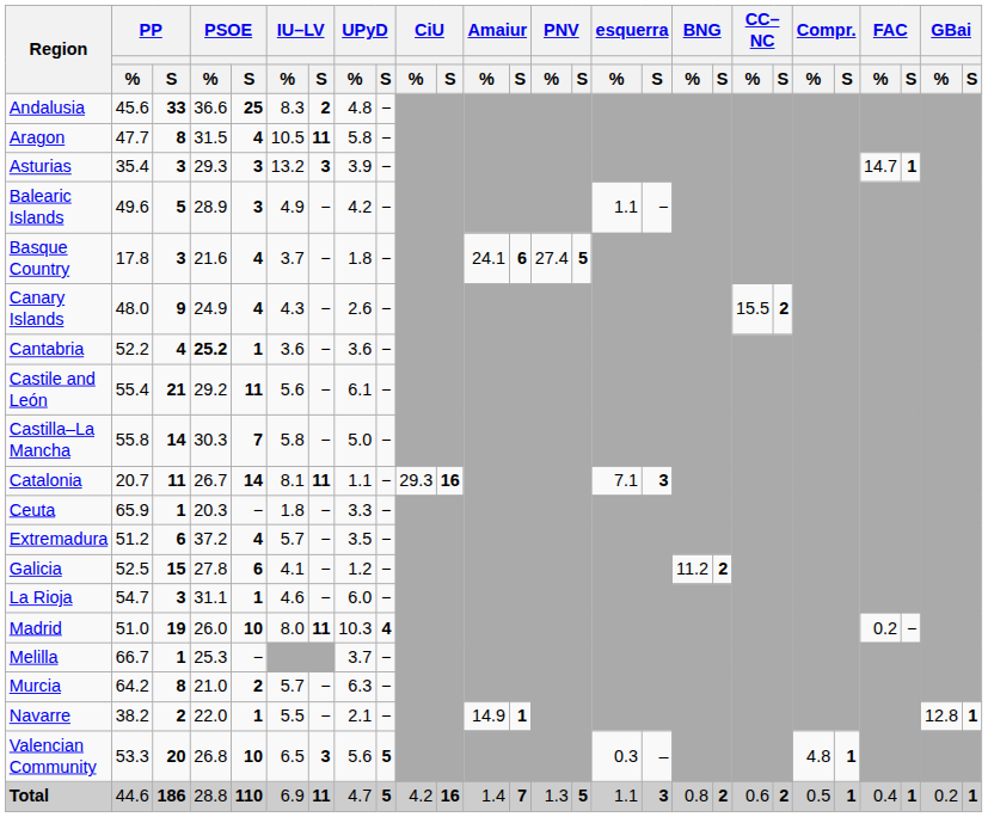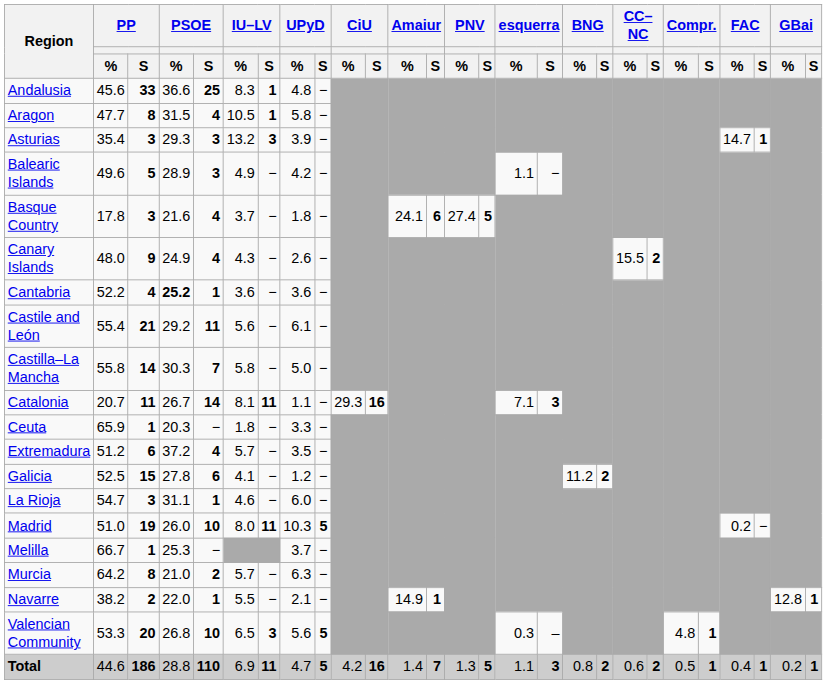 <table class="wikitable sortable" style="text-align:right; line-height:20px;">
 <tr>
 <th rowspan="3">Region</th>
 <th colspan="2" width="30px" class="unsortable"><a href='#'>PP</a></th>
 <th colspan="2" width="30px" class="unsortable"><a href='#'>PSOE</a></th>
 <th colspan="2" width="30px" class="unsortable"><a href='#'>IU–LV</a></th>
 <th colspan="2" width="30px" class="unsortable"><a href='#'>UPyD</a></th>
 <th colspan="2" width="30px" class="unsortable"><a href='#'>CiU</a></th>
 <th colspan="2" width="30px" class="unsortable"><a href='#'>Amaiur</a></th>
 <th colspan="2" width="30px" class="unsortable"><a href='#'>PNV</a></th>
 <th colspan="2" width="30px" class="unsortable"><a href='#'>esquerra</a></th>
 <th colspan="2" width="30px" class="unsortable"><a href='#'>BNG</a></th>
 <th colspan="2" width="30px" class="unsortable"><a href='#'>CC–NC</a></th>
 <th colspan="2" width="30px" class="unsortable"><a href='#'>Compr.</a></th>
 <th colspan="2" width="30px" class="unsortable"><a href='#'>FAC</a></th>
 <th colspan="2" width="30px" class="unsortable"><a href='#'>GBai</a></th>
 </tr>
 <tr>
 <th colspan="2" style="background:"></th>
 <th colspan="2" style="background:"></th>
 <th colspan="2" style="background:"></th>
 <th colspan="2" style="background:"></th>
 <th colspan="2" style="background:"></th>
 <th colspan="2" style="background:"></th>
 <th colspan="2" style="background:"></th>
 <th colspan="2" style="background:"></th>
 <th colspan="2" style="background:"></th>
 <th colspan="2" style="background:"></th>
 <th colspan="2" style="background:"></th>
 <th colspan="2" style="background:"></th>
 <th colspan="2" style="background:"></th>
 </tr>
 <tr>
 <th data-sort-type="number">%</th>
 <th data-sort-type="number">S</th>
 <th data-sort-type="number">%</th>
 <th data-sort-type="number">S</th>
 <th data-sort-type="number">%</th>
 <th data-sort-type="number">S</th>
 <th data-sort-type="number">%</th>
 <th data-sort-type="number">S</th>
 <th data-sort-type="number">%</th>
 <th data-sort-type="number">S</th>
 <th data-sort-type="number">%</th>
 <th data-sort-type="number">S</th>
 <th data-sort-type="number">%</th>
 <th data-sort-type="number">S</th>
 <th data-sort-type="number">%</th>
 <th data-sort-type="number">S</th>
 <th data-sort-type="number">%</th>
 <th data-sort-type="number">S</th>
 <th data-sort-type="number">%</th>
 <th data-sort-type="number">S</th>
 <th data-sort-type="number">%</th>
 <th data-sort-type="number">S</th>
 <th data-sort-type="number">%</th>
 <th data-sort-type="number">S</th>
 <th data-sort-type="number">%</th>
 <th data-sort-type="number">S</th>
 </tr>
 <tr>
 <td align="left"><a href='#'>Andalusia</a></td>
 <td style="background:">45.6</td>
 <td><strong>33</strong></td>
 <td>36.6</td>
 <td><strong>25</strong></td>
 <td>8.3</td>
-<td><strong>2</strong></td>
+<td><strong>1</strong></td>
 <td>4.8</td>
 <td>−</td>
 <td colspan="2" rowspan="9" bgcolor="#AAAAAA"></td>
 <td colspan="2" rowspan="4" bgcolor="#AAAAAA"></td>
 <td colspan="2" rowspan="4" bgcolor="#AAAAAA"></td>
 <td colspan="2" rowspan="3" bgcolor="#AAAAAA"></td>
 <td colspan="2" rowspan="12" bgcolor="#AAAAAA"></td>
 <td colspan="2" rowspan="5" bgcolor="#AAAAAA"></td>
 <td colspan="2" rowspan="18" bgcolor="#AAAAAA"></td>
 <td colspan="2" rowspan="2" bgcolor="#AAAAAA"></td>
 <td colspan="2" rowspan="17" bgcolor="#AAAAAA"></td>
 </tr>
 <tr>
 <td align="left"><a href='#'>Aragon</a></td>
 <td style="background:">47.7</td>
 <td><strong>8</strong></td>
 <td>31.5</td>
 <td><strong>4</strong></td>
 <td>10.5</td>
-<td><strong>11</strong></td>
+<td><strong>1</strong></td>
 <td>5.8</td>
 <td>−</td>
 </tr>
 <tr>
 <td align="left"><a href='#'>Asturias</a></td>
 <td style="background:">35.4</td>
 <td><strong>3</strong></td>
 <td>29.3</td>
 <td><strong>3</strong></td>
 <td>13.2</td>
 <td><strong>3</strong></td>
 <td>3.9</td>
 <td>−</td>
 <td>14.7</td>
 <td><strong>1</strong></td>
 </tr>
 <tr>
 <td align="left"><a href='#'>Balearic Islands</a></td>
 <td style="background:">49.6</td>
 <td><strong>5</strong></td>
 <td>28.9</td>
 <td><strong>3</strong></td>
 <td>4.9</td>
 <td>−</td>
 <td>4.2</td>
 <td>−</td>
 <td>1.1</td>
 <td>−</td>
 <td colspan="2" rowspan="11" bgcolor="#AAAAAA"></td>
 </tr>
 <tr>
 <td align="left"><a href='#'>Basque Country</a></td>
 <td>17.8</td>
 <td><strong>3</strong></td>
 <td>21.6</td>
 <td><strong>4</strong></td>
 <td>3.7</td>
 <td>−</td>
 <td>1.8</td>
 <td>−</td>
 <td>24.1</td>
 <td><strong>6</strong></td>
 <td style="background:">27.4</td>
 <td><strong>5</strong></td>
 <td colspan="2" rowspan="5" bgcolor="#AAAAAA"></td>
 </tr>
 <tr>
 <td align="left"><a href='#'>Canary Islands</a></td>
 <td style="background:">48.0</td>
 <td><strong>9</strong></td>
 <td>24.9</td>
 <td><strong>4</strong></td>
 <td>4.3</td>
 <td>−</td>
 <td>2.6</td>
 <td>−</td>
 <td colspan="2" rowspan="12" bgcolor="#AAAAAA"></td>
 <td colspan="2" rowspan="14" bgcolor="#AAAAAA"></td>
 <td>15.5</td>
 <td><strong>2</strong></td>
 </tr>
 <tr>
 <td align="left"><a href='#'>Cantabria</a></td>
 <td style="background:">52.2</td>
 <td><strong>4</strong></td>
 <td><strong>25.2</strong></td>
 <td><strong>1</strong></td>
 <td>3.6</td>
 <td>−</td>
 <td>3.6</td>
 <td>−</td>
 <td colspan="2" rowspan="13" bgcolor="#AAAAAA"></td>
 </tr>
 <tr>
 <td align="left"><a href='#'>Castile and León</a></td>
 <td style="background:">55.4</td>
 <td><strong>21</strong></td>
 <td>29.2</td>
 <td><strong>11</strong></td>
 <td>5.6</td>
 <td>−</td>
 <td>6.1</td>
 <td>−</td>
 </tr>
 <tr>
 <td align="left"><a href='#'>Castilla–La Mancha</a></td>
 <td style="background:">55.8</td>
 <td><strong>14</strong></td>
 <td>30.3</td>
 <td><strong>7</strong></td>
 <td>5.8</td>
 <td>−</td>
 <td>5.0</td>
 <td>−</td>
 </tr>
 <tr>
 <td align="left"><a href='#'>Catalonia</a></td>
 <td>20.7</td>
 <td><strong>11</strong></td>
 <td>26.7</td>
 <td><strong>14</strong></td>
 <td>8.1</td>
 <td><strong>11</strong></td>
 <td>1.1</td>
 <td>−</td>
 <td style="background:">29.3</td>
 <td><strong>16</strong></td>
 <td>7.1</td>
 <td><strong>3</strong></td>
 </tr>
 <tr>
 <td align="left"><a href='#'>Ceuta</a></td>
 <td style="background:">65.9</td>
 <td><strong>1</strong></td>
 <td>20.3</td>
 <td>−</td>
 <td>1.8</td>
 <td>−</td>
 <td>3.3</td>
 <td>−</td>
 <td colspan="2" rowspan="9" bgcolor="#AAAAAA"></td>
 <td colspan="2" rowspan="8" bgcolor="#AAAAAA"></td>
 </tr>
 <tr>
 <td align="left"><a href='#'>Extremadura</a></td>
 <td style="background:">51.2</td>
 <td><strong>6</strong></td>
 <td>37.2</td>
 <td><strong>4</strong></td>
 <td>5.7</td>
 <td>−</td>
 <td>3.5</td>
 <td>−</td>
 </tr>
 <tr>
 <td align="left"><a href='#'>Galicia</a></td>
 <td style="background:">52.5</td>
 <td><strong>15</strong></td>
 <td>27.8</td>
 <td><strong>6</strong></td>
 <td>4.1</td>
 <td>−</td>
 <td>1.2</td>
 <td>−</td>
 <td>11.2</td>
 <td><strong>2</strong></td>
 </tr>
 <tr>
 <td align="left"><a href='#'>La Rioja</a></td>
 <td style="background:">54.7</td>
 <td><strong>3</strong></td>
 <td>31.1</td>
 <td><strong>1</strong></td>
 <td>4.6</td>
 <td>−</td>
 <td>6.0</td>
 <td>−</td>
 <td colspan="2" rowspan="6" bgcolor="#AAAAAA"></td>
 </tr>
 <tr>
 <td align="left"><a href='#'>Madrid</a></td>
 <td style="background:">51.0</td>
 <td><strong>19</strong></td>
 <td>26.0</td>
 <td><strong>10</strong></td>
 <td>8.0</td>
 <td><strong>11</strong></td>
 <td>10.3</td>
-<td><strong>4</strong></td>
+<td><strong>5</strong></td>
 <td>0.2</td>
 <td>−</td>
 </tr>
 <tr>
 <td align="left"><a href='#'>Melilla</a></td>
 <td style="background:">66.7</td>
 <td><strong>1</strong></td>
 <td>25.3</td>
 <td>−</td>
 <td colspan="2" bgcolor="#AAAAAA"></td>
 <td>3.7</td>
 <td>−</td>
 <td colspan="2" rowspan="4" bgcolor="#AAAAAA"></td>
 </tr>
 <tr>
 <td align="left"><a href='#'>Murcia</a></td>
 <td style="background:">64.2</td>
 <td><strong>8</strong></td>
 <td>21.0</td>
 <td><strong>2</strong></td>
 <td>5.7</td>
 <td>−</td>
 <td>6.3</td>
 <td>−</td>
 </tr>
 <tr>
 <td align="left"><a href='#'>Navarre</a></td>
 <td style="background:">38.2</td>
 <td><strong>2</strong></td>
 <td>22.0</td>
 <td><strong>1</strong></td>
 <td>5.5</td>
 <td>−</td>
 <td>2.1</td>
 <td>−</td>
 <td>14.9</td>
 <td><strong>1</strong></td>
 <td>12.8</td>
 <td><strong>1</strong></td>
 </tr>
 <tr>
 <td align="left"><a href='#'>Valencian Community</a></td>
 <td style="background:">53.3</td>
 <td><strong>20</strong></td>
 <td>26.8</td>
 <td><strong>10</strong></td>
 <td>6.5</td>
 <td><strong>3</strong></td>
 <td>5.6</td>
 <td><strong>5</strong></td>
 <td colspan="2" bgcolor="#AAAAAA"></td>
 <td>0.3</td>
 <td>–</td>
 <td>4.8</td>
 <td><strong>1</strong></td>
 <td colspan="2" bgcolor="#AAAAAA"></td>
 </tr>
 <tr style="background:#CDCDCD;">
 <td align="left"><strong>Total</strong></td>
 <td style="background:">44.6</td>
 <td><strong>186</strong></td>
 <td>28.8</td>
 <td><strong>110</strong></td>
 <td>6.9</td>
 <td><strong>11</strong></td>
 <td>4.7</td>
 <td><strong>5</strong></td>
 <td>4.2</td>
 <td><strong>16</strong></td>
 <td>1.4</td>
 <td><strong>7</strong></td>
 <td>1.3</td>
 <td><strong>5</strong></td>
 <td>1.1</td>
 <td><strong>3</strong></td>
 <td>0.8</td>
 <td><strong>2</strong></td>
 <td>0.6</td>
 <td><strong>2</strong></td>
 <td>0.5</td>
 <td><strong>1</strong></td>
 <td>0.4</td>
 <td><strong>1</strong></td>
 <td>0.2</td>
 <td><strong>1</strong></td>
 </tr>
 </table>
